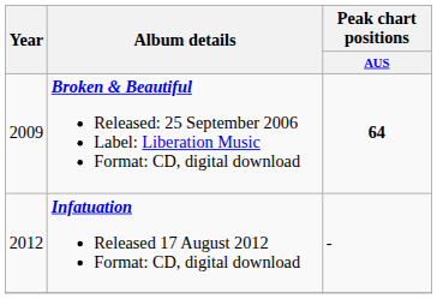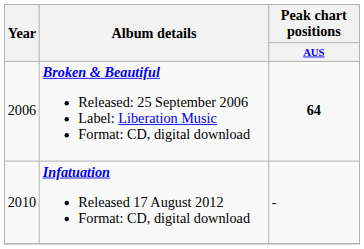 <table class="wikitable">
 <tr>
 <th rowspan="2">Year</th>
 <th rowspan="2" width="250">Album details</th>
 <th colspan="1">Peak chart positions</th>
 </tr>
 <tr>
 <th style="width:8em;font-size:75%"><a href='#'>AUS</a><br></th>
 </tr>
 <tr>
-<td>2009</td>
+<td>2006</td>
 <td><strong><em><a href='#'>Broken & Beautiful</a></em></strong><br><ul><li>Released: 25 September 2006</li><li>Label: <a href='#'>Liberation Music</a></li><li>Format: CD, digital download</li></ul></td>
 <td align="center"><strong>64</strong></td>
 </tr>
 <tr>
-<td>2012</td>
+<td>2010</td>
 <td><strong><em><a href='#'>Infatuation</a></em></strong><br><ul><li>Released 17 August 2012</li><li>Format: CD, digital download</li></ul></td>
 <td>-</td>
 </tr>
 <tr>
 </tr>
 </table>
